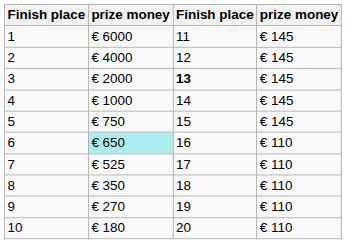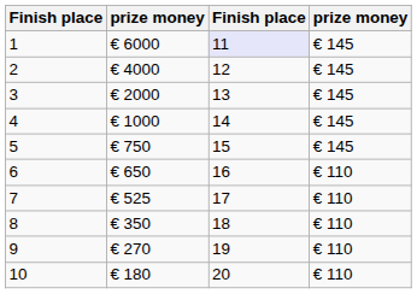 <table class="wikitable">
 <tr>
 <th>Finish place</th>
 <th>prize money</th>
 <th>Finish place</th>
 <th>prize money</th>
 </tr>
 <tr>
 <td>1</td>
 <td>€ 6000</td>
-<td>11</td>
+<td style="background: lavender;">11</td>
 <td>€ 145</td>
 </tr>
 <tr>
 <td>2</td>
 <td>€ 4000</td>
 <td>12</td>
 <td>€ 145</td>
 </tr>
 <tr>
 <td>3</td>
 <td>€ 2000</td>
-<td><strong>13</strong></td>
+<td>13</td>
 <td>€ 145</td>
 </tr>
 <tr>
 <td>4</td>
 <td>€ 1000</td>
 <td>14</td>
 <td>€ 145</td>
 </tr>
 <tr>
 <td>5</td>
 <td>€ 750</td>
 <td>15</td>
 <td>€ 145</td>
 </tr>
 <tr>
 <td>6</td>
-<td style="background: paleturquoise;">€ 650</td>
+<td>€ 650</td>
 <td>16</td>
 <td>€ 110</td>
 </tr>
 <tr>
 <td>7</td>
 <td>€ 525</td>
 <td>17</td>
 <td>€ 110</td>
 </tr>
 <tr>
 <td>8</td>
 <td>€ 350</td>
 <td>18</td>
 <td>€ 110</td>
 </tr>
 <tr>
 <td>9</td>
 <td>€ 270</td>
 <td>19</td>
 <td>€ 110</td>
 </tr>
 <tr>
 <td>10</td>
 <td>€ 180</td>
 <td>20</td>
 <td>€ 110</td>
 </tr>
 </table>
